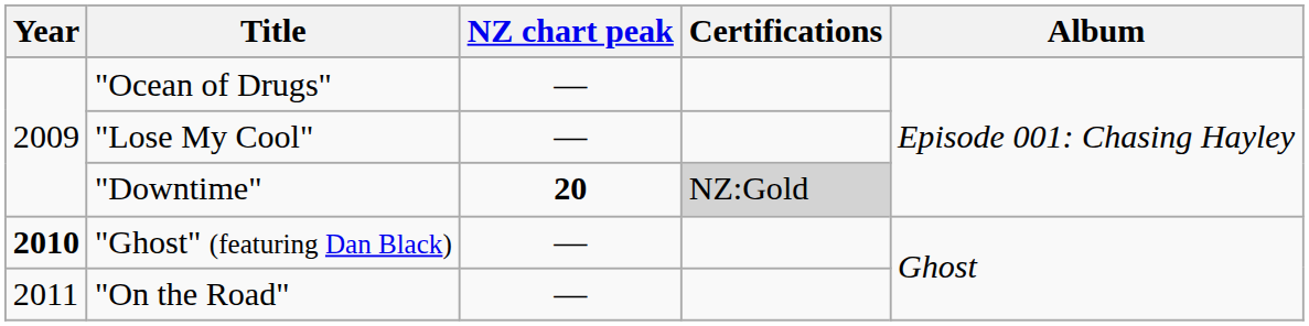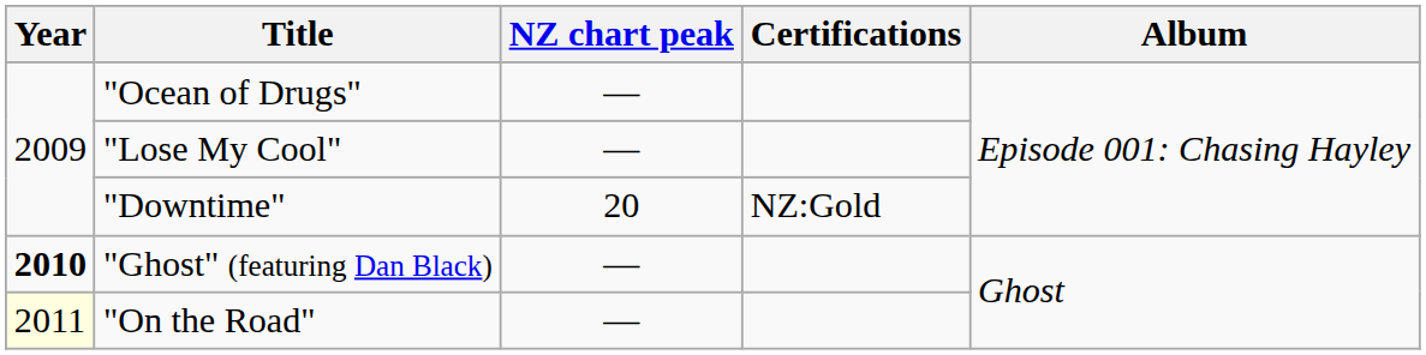 <table class="wikitable">
 <tr>
 <th>Year</th>
 <th>Title</th>
 <th><a href='#'>NZ chart peak</a></th>
 <th>Certifications</th>
 <th>Album</th>
 </tr>
 <tr>
 <td rowspan="3">2009</td>
 <td>"Ocean of Drugs"</td>
 <td align="center">—</td>
 <td></td>
 <td rowspan="3"><em>Episode 001: Chasing Hayley</em></td>
 </tr>
 <tr>
 <td>"Lose My Cool"</td>
 <td align="center">—</td>
 <td></td>
 </tr>
 <tr>
 <td>"Downtime"</td>
-<td align="center"><strong>20</strong></td>
-<td style="background: lightgrey;">NZ:Gold</td>
+<td align="center">20</td>
+<td>NZ:Gold</td>
 </tr>
 <tr>
 <td><strong>2010</strong></td>
 <td>"Ghost" <small>(featuring <a href='#'>Dan Black</a>)</small></td>
 <td align="center">—</td>
 <td></td>
 <td rowspan="2"><em>Ghost</em></td>
 </tr>
 <tr>
-<td>2011</td>
+<td style="background: lightyellow;">2011</td>
 <td>"On the Road"</td>
 <td align="center">—</td>
 <td></td>
 </tr>
 </table>
